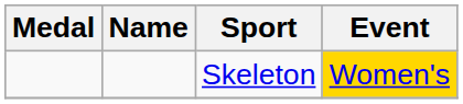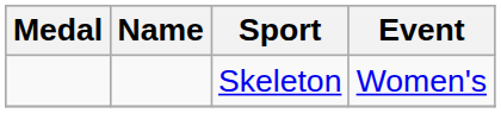 <table class="wikitable sortable">
 <tr>
 <th>Medal</th>
 <th>Name</th>
 <th>Sport</th>
 <th>Event</th>
 </tr>
 <tr>
 <td></td>
 <td></td>
 <td><a href='#'>Skeleton</a></td>
-<td style="background: gold;"><a href='#'>Women's</a></td>
+<td><a href='#'>Women's</a></td>
 </tr>
 <tr>
 </tr>
 </table>
